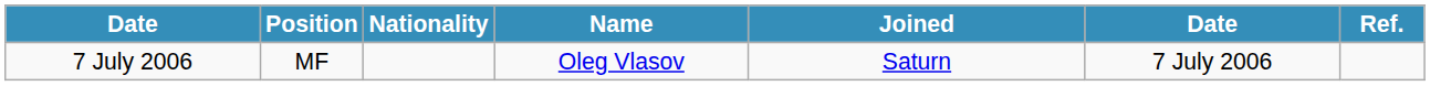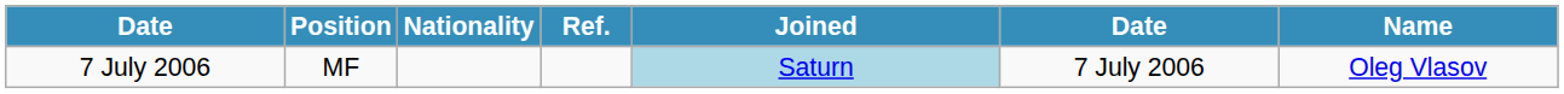 <table class="wikitable"  style="text-align:center; font-size:90%; ">
 <tr>
 <th style="background:#348EB9; color:white; width:150px;">Date</th>
 <th style="background:#348EB9; color:white; width:55px;">Position</th>
 <th style="background:#348EB9; color:white; width:55px;">Nationality</th>
-<th style="background:#348EB9; color:white; width:150px;">Name</th>
+<th style="background:#348EB9; color:white; width:45px;">Ref.</th>
 <th style="background:#348EB9; color:white; width:200px;">Joined</th>
 <th style="background:#348EB9; color:white; width:150px;">Date</th>
-<th style="background:#348EB9; color:white; width:45px;">Ref.</th>
+<th style="background:#348EB9; color:white; width:150px;">Name</th>
 </tr>
 <tr>
 <td>7 July 2006</td>
 <td>MF</td>
 <td></td>
+<td></td>
+<td style="background: lightblue;"><a href='#'>Saturn</a></td>
+<td>7 July 2006</td>
 <td><a href='#'>Oleg Vlasov</a></td>
-<td><a href='#'>Saturn</a></td>
-<td>7 July 2006</td>
-<td></td>
 </tr>
 </table>
